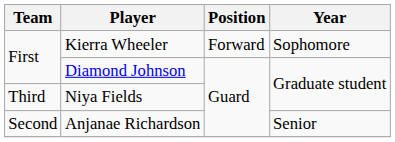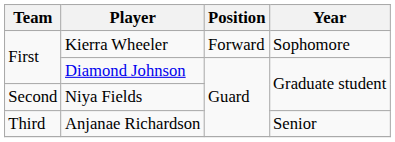 <table class="wikitable" border="1">
 <tr align=center>
 <th>Team</th>
 <th>Player</th>
 <th>Position</th>
 <th>Year</th>
 </tr>
 <tr>
 <td rowspan=2>First</td>
 <td>Kierra Wheeler</td>
 <td>Forward</td>
 <td>Sophomore</td>
 </tr>
 <tr>
 <td><a href='#'>Diamond Johnson</a></td>
 <td rowspan=3>Guard</td>
 <td rowspan=2>Graduate student</td>
 </tr>
 <tr>
-<td>Third</td>
+<td>Second</td>
 <td>Niya Fields</td>
 </tr>
 <tr>
-<td>Second</td>
+<td>Third</td>
 <td>Anjanae Richardson</td>
 <td>Senior</td>
 </tr>
 <tr>
 </tr>
 </table>
